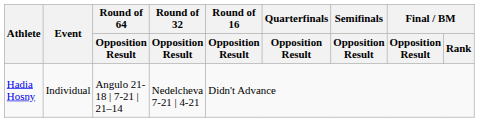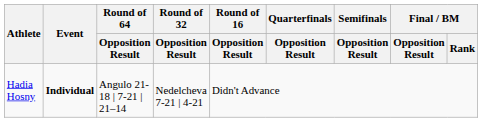 <table class="wikitable">
 <tr>
 <th rowspan="2">Athlete</th>
 <th rowspan="2">Event</th>
 <th>Round of 64</th>
 <th>Round of 32</th>
 <th>Round of 16</th>
 <th>Quarterfinals</th>
 <th>Semifinals</th>
 <th colspan="2">Final / <abbr>BM</abbr></th>
 </tr>
 <tr>
 <th>Opposition<br>Result</th>
 <th>Opposition<br>Result</th>
 <th>Opposition<br>Result</th>
 <th>Opposition<br>Result</th>
 <th>Opposition<br>Result</th>
 <th>Opposition<br>Result</th>
 <th>Rank</th>
 </tr>
 <tr>
 <td><a href='#'>Hadia Hosny</a></td>
-<td>Individual</td>
+<td><strong>Individual</strong></td>
 <td><br>Angulo 21-18  | 7-21 | 21–14</td>
 <td><br>Nedelcheva 7-21 | 4-21</td>
 <td colspan="5">Didn't Advance</td>
 </tr>
 </table>
